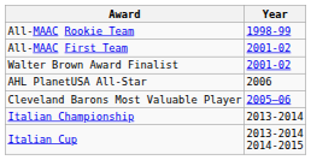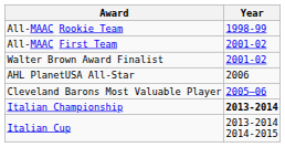 <table class="wikitable">
 <tr>
 <th>Award</th>
 <th>Year</th>
 </tr>
 <tr>
 <td>All-<a href='#'>MAAC</a> <a href='#'>Rookie Team</a></td>
 <td><a href='#'>1998-99</a></td>
 </tr>
 <tr>
 <td>All-<a href='#'>MAAC</a> <a href='#'>First Team</a></td>
 <td><a href='#'>2001-02</a></td>
 </tr>
 <tr>
 <td>Walter Brown Award Finalist</td>
 <td><a href='#'>2001-02</a></td>
 </tr>
 <tr>
 <td>AHL PlanetUSA All-Star</td>
 <td>2006</td>
 </tr>
 <tr>
 <td>Cleveland Barons Most Valuable Player</td>
 <td><a href='#'>2005–06</a></td>
 </tr>
 <tr>
 <td><a href='#'>Italian Championship</a></td>
-<td>2013-2014</td>
+<td><strong>2013-2014</strong></td>
 </tr>
 <tr>
 <td><a href='#'>Italian Cup</a></td>
 <td>2013-2014<br>2014-2015</td>
 </tr>
 </table>
